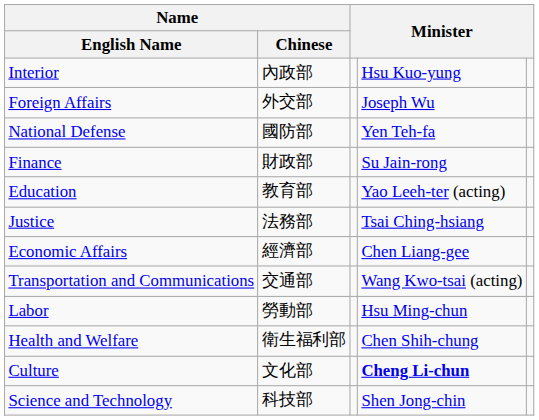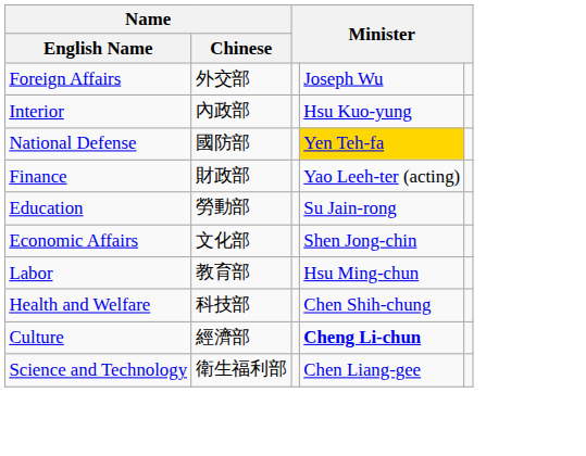 <table class="wikitable sortable">
 <tr>
 <th colspan="2">Name</th>
 <th colspan="3" rowspan="2">Minister</th>
 </tr>
 <tr>
 <th>English Name</th>
 <th>Chinese</th>
 </tr>
 <tr>
+<td><a href='#'>Foreign Affairs</a></td>
+<td>外交部</td>
+<td style="background:"></td>
+<td><a href='#'>Joseph Wu</a></td>
+<td></td>
+</tr>
+<tr>
 <td><a href='#'>Interior</a></td>
 <td>內政部</td>
 <td style="background:"></td>
 <td><a href='#'>Hsu Kuo-yung</a></td>
 <td></td>
 </tr>
 <tr>
-<td><a href='#'>Foreign Affairs</a></td>
-<td>外交部</td>
-<td style="background:"></td>
-<td><a href='#'>Joseph Wu</a></td>
-<td></td>
-</tr>
-<tr>
 <td><a href='#'>National Defense</a></td>
 <td>國防部</td>
 <td style="background:"></td>
-<td><a href='#'>Yen Teh-fa</a></td>
+<td style="background: gold;"><a href='#'>Yen Teh-fa</a></td>
 <td></td>
 </tr>
 <tr>
 <td><a href='#'>Finance</a></td>
 <td>財政部</td>
 <td style="background:"></td>
+<td><a href='#'>Yao Leeh-ter</a> (acting)</td>
+<td></td>
+</tr>
+<tr>
+<td><a href='#'>Education</a></td>
+<td>勞動部</td>
+<td style="background:"></td>
 <td><a href='#'>Su Jain-rong</a></td>
 <td></td>
 </tr>
 <tr>
-<td><a href='#'>Education</a></td>
-<td>教育部</td>
+<td><a href='#'>Economic Affairs</a></td>
+<td>文化部</td>
 <td style="background:"></td>
-<td><a href='#'>Yao Leeh-ter</a> (acting)</td>
-<td></td>
-</tr>
-<tr>
-<td><a href='#'>Justice</a></td>
-<td>法務部</td>
-<td style="background:"></td>
-<td><a href='#'>Tsai Ching-hsiang</a></td>
-<td></td>
-</tr>
-<tr>
-<td><a href='#'>Economic Affairs</a></td>
-<td>經濟部</td>
-<td style="background:"></td>
-<td><a href='#'>Chen Liang-gee</a></td>
-<td></td>
-</tr>
-<tr>
-<td><a href='#'>Transportation and Communications</a></td>
-<td>交通部</td>
-<td style="background:"></td>
-<td><a href='#'>Wang Kwo-tsai</a> (acting)</td>
+<td><a href='#'>Shen Jong-chin</a></td>
 <td></td>
 </tr>
 <tr>
 <td><a href='#'>Labor</a></td>
-<td>勞動部</td>
+<td>教育部</td>
 <td style="background:"></td>
 <td><a href='#'>Hsu Ming-chun</a></td>
 <td></td>
 </tr>
 <tr>
 <td><a href='#'>Health and Welfare</a></td>
-<td>衛生福利部</td>
+<td>科技部</td>
 <td style="background:"></td>
 <td><a href='#'>Chen Shih-chung</a></td>
 <td></td>
 </tr>
 <tr>
 <td><a href='#'>Culture</a></td>
-<td>文化部</td>
+<td>經濟部</td>
 <td style="background:"></td>
 <td><strong><a href='#'>Cheng Li-chun</a></strong></td>
 <td></td>
 </tr>
 <tr>
 <td><a href='#'>Science and Technology</a></td>
-<td>科技部</td>
+<td>衛生福利部</td>
 <td style="background:"></td>
-<td><a href='#'>Shen Jong-chin</a></td>
+<td><a href='#'>Chen Liang-gee</a></td>
 <td></td>
 </tr>
 </table>
